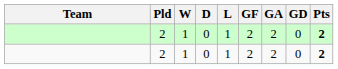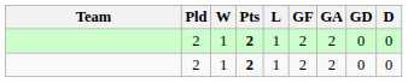 <table class="wikitable" style="text-align:center;">
 <tr>
 <th width=180>Team</th>
 <th width=20>Pld</th>
 <th width=20>W</th>
-<th width=20>D</th>
+<th width=20>Pts</th>
 <th width=20>L</th>
 <th width=20>GF</th>
 <th width=20>GA</th>
 <th width=20>GD</th>
-<th width=20>Pts</th>
+<th width=20>D</th>
 </tr>
 <tr bgcolor="ccffcc">
 <td align="left"></td>
 <td>2</td>
 <td>1</td>
-<td>0</td>
+<td><strong>2</strong></td>
 <td>1</td>
 <td>2</td>
 <td>2</td>
 <td>0</td>
-<td><strong>2</strong></td>
+<td>0</td>
 </tr>
 <tr>
 <td align="left"></td>
 <td>2</td>
 <td>1</td>
-<td>0</td>
+<td><strong>2</strong></td>
 <td>1</td>
 <td>2</td>
 <td>2</td>
 <td>0</td>
-<td><strong>2</strong></td>
+<td>0</td>
 </tr>
 </table>
